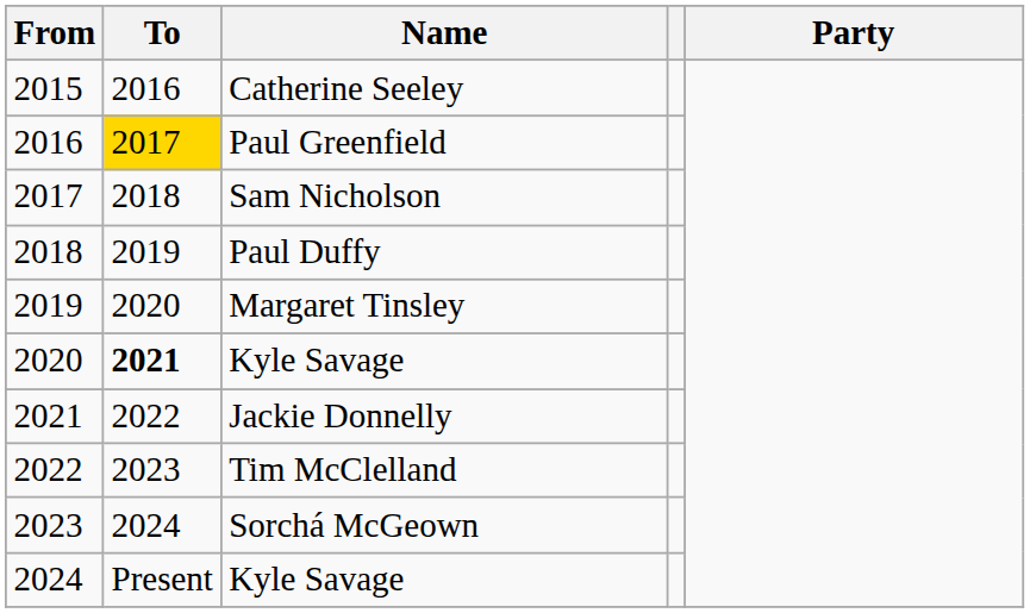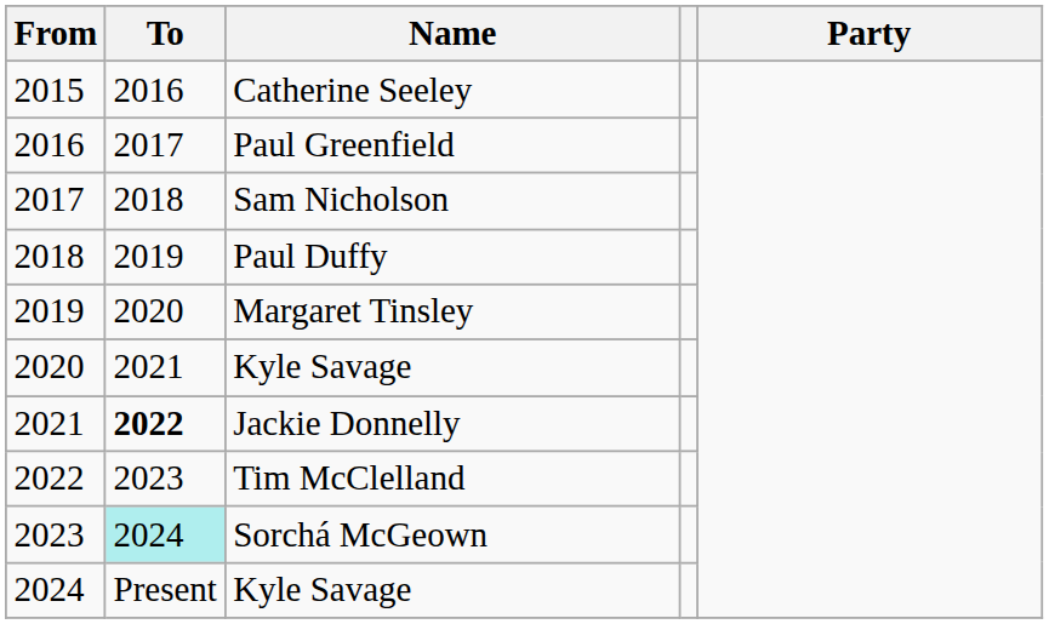 <table class="wikitable sortable">
 <tr>
 <th>From</th>
 <th>To</th>
 <th scope="col" style="width:200px;">Name</th>
 <th class="unsortable"></th>
 <th scope="col" style="width:150px;">Party</th>
 </tr>
 <tr>
 <td>2015</td>
 <td>2016</td>
 <td>Catherine Seeley</td>
 <td></td>
 </tr>
 <tr>
 <td>2016</td>
-<td style="background: gold;">2017</td>
+<td>2017</td>
 <td>Paul Greenfield</td>
 <td></td>
 </tr>
 <tr>
 <td>2017</td>
 <td>2018</td>
 <td>Sam Nicholson</td>
 <td></td>
 </tr>
 <tr>
 <td>2018</td>
 <td>2019</td>
 <td>Paul Duffy</td>
 <td></td>
 </tr>
 <tr>
 <td>2019</td>
 <td>2020</td>
 <td>Margaret Tinsley</td>
 <td></td>
 </tr>
 <tr>
 <td>2020</td>
-<td><strong>2021</strong></td>
+<td>2021</td>
 <td>Kyle Savage</td>
 <td></td>
 </tr>
 <tr>
 <td>2021</td>
-<td>2022</td>
+<td><strong>2022</strong></td>
 <td>Jackie Donnelly</td>
 <td></td>
 </tr>
 <tr>
 <td>2022</td>
 <td>2023</td>
 <td>Tim McClelland</td>
 <td></td>
 </tr>
 <tr>
 <td>2023</td>
-<td>2024</td>
+<td style="background: paleturquoise;">2024</td>
 <td>Sorchá McGeown</td>
 <td></td>
 </tr>
 <tr>
 <td>2024</td>
 <td>Present</td>
 <td>Kyle Savage</td>
 <td></td>
 </tr>
 </table>
